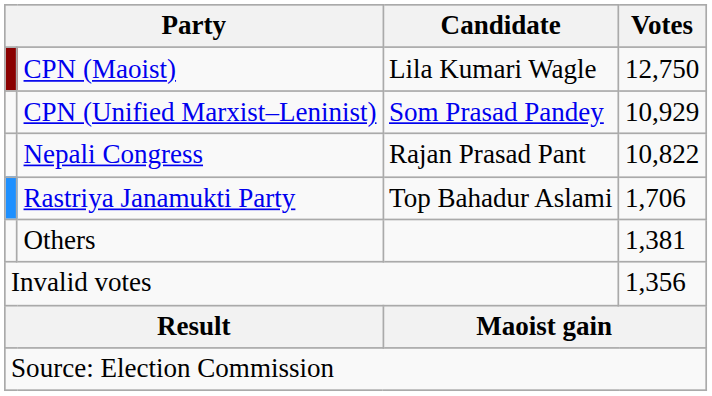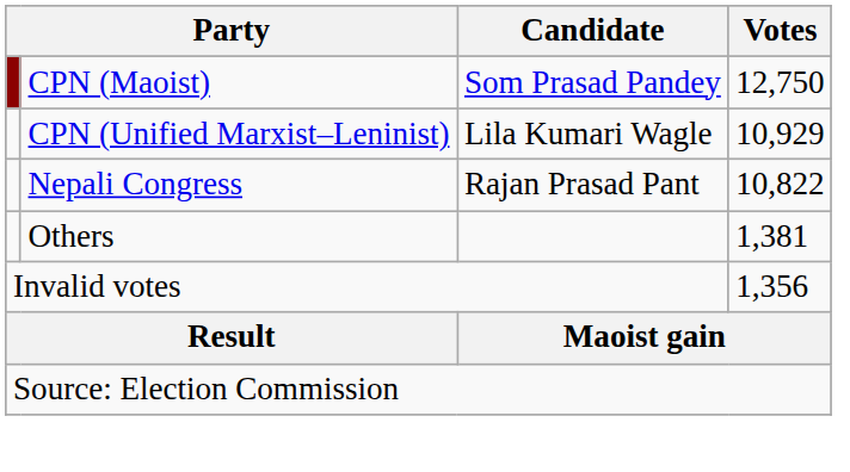 <table class="wikitable">
 <tr>
 <th colspan="2">Party</th>
 <th>Candidate</th>
 <th>Votes</th>
 </tr>
 <tr>
 <td style="background-color:darkred"></td>
 <td><a href='#'>CPN (Maoist)</a></td>
-<td>Lila Kumari Wagle</td>
+<td><a href='#'>Som Prasad Pandey</a></td>
 <td>12,750</td>
 </tr>
 <tr>
 <td style="background-color:"></td>
 <td><a href='#'>CPN (Unified Marxist–Leninist)</a></td>
-<td><a href='#'>Som Prasad Pandey</a></td>
+<td>Lila Kumari Wagle</td>
 <td>10,929</td>
 </tr>
 <tr>
 <td style="background-color:"></td>
 <td><a href='#'>Nepali Congress</a></td>
 <td>Rajan Prasad Pant</td>
 <td>10,822</td>
-</tr>
-<tr>
-<td style="background-color:dodgerblue"></td>
-<td><a href='#'>Rastriya Janamukti Party</a></td>
-<td>Top Bahadur Aslami</td>
-<td>1,706</td>
 </tr>
 <tr>
 <td></td>
 <td>Others</td>
 <td></td>
 <td>1,381</td>
 </tr>
 <tr>
 <td colspan="3">Invalid votes</td>
 <td>1,356</td>
 </tr>
 <tr>
 <th colspan="2">Result</th>
 <th colspan="2">Maoist gain</th>
 </tr>
 <tr>
 <td colspan="4">Source: Election Commission</td>
 </tr>
 </table>
